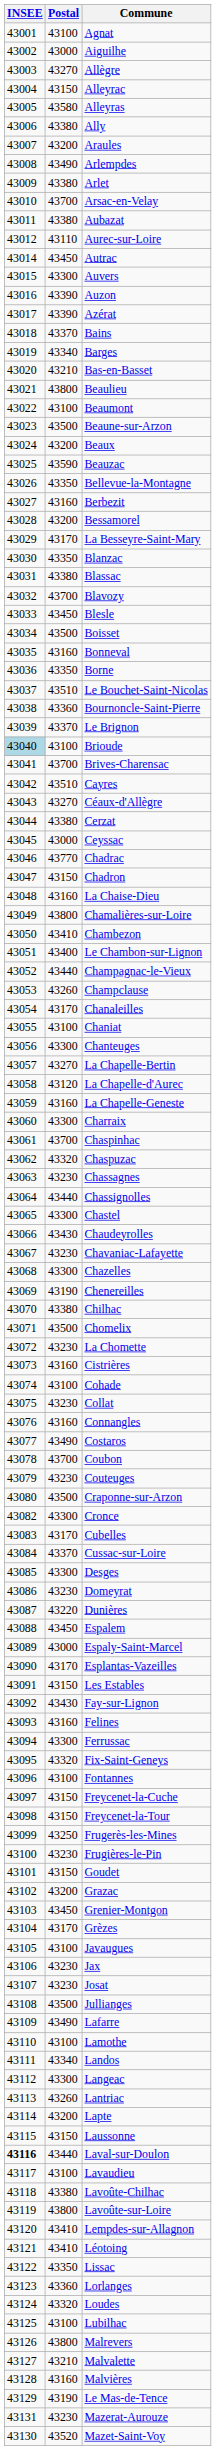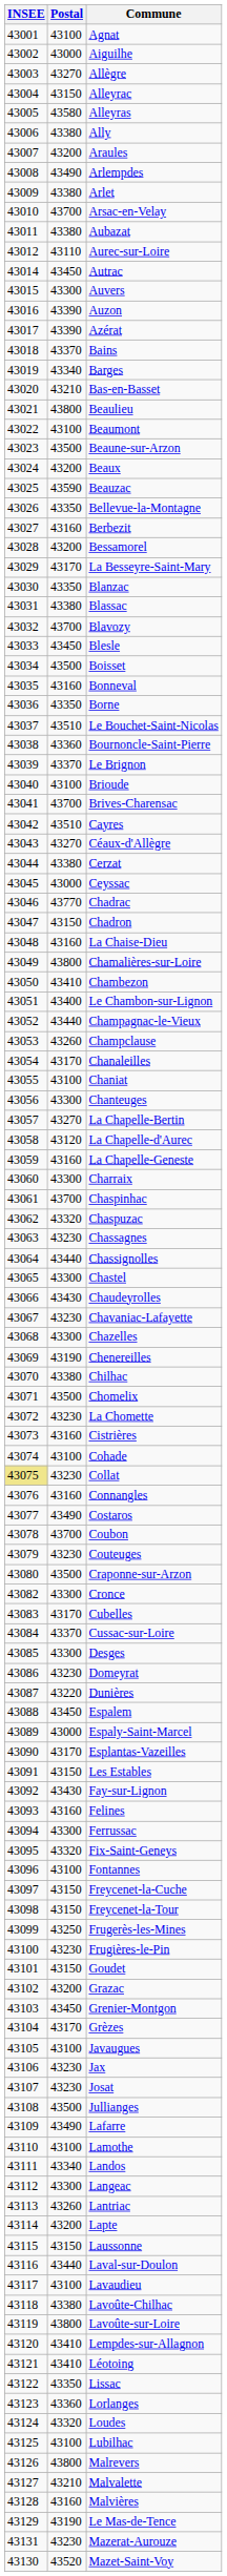 <table class="wikitable sortable">
 <tr>
 <th><a href='#'>INSEE</a></th>
 <th><a href='#'>Postal</a></th>
 <th>Commune</th>
 </tr>
 <tr>
 <td>43001</td>
 <td>43100</td>
 <td><a href='#'>Agnat</a></td>
 </tr>
 <tr>
 <td>43002</td>
 <td>43000</td>
 <td><a href='#'>Aiguilhe</a></td>
 </tr>
 <tr>
 <td>43003</td>
 <td>43270</td>
 <td><a href='#'>Allègre</a></td>
 </tr>
 <tr>
 <td>43004</td>
 <td>43150</td>
 <td><a href='#'>Alleyrac</a></td>
 </tr>
 <tr>
 <td>43005</td>
 <td>43580</td>
 <td><a href='#'>Alleyras</a></td>
 </tr>
 <tr>
 <td>43006</td>
 <td>43380</td>
 <td><a href='#'>Ally</a></td>
 </tr>
 <tr>
 <td>43007</td>
 <td>43200</td>
 <td><a href='#'>Araules</a></td>
 </tr>
 <tr>
 <td>43008</td>
 <td>43490</td>
 <td><a href='#'>Arlempdes</a></td>
 </tr>
 <tr>
 <td>43009</td>
 <td>43380</td>
 <td><a href='#'>Arlet</a></td>
 </tr>
 <tr>
 <td>43010</td>
 <td>43700</td>
 <td><a href='#'>Arsac-en-Velay</a></td>
 </tr>
 <tr>
 <td>43011</td>
 <td>43380</td>
 <td><a href='#'>Aubazat</a></td>
 </tr>
 <tr>
 <td>43012</td>
 <td>43110</td>
 <td><a href='#'>Aurec-sur-Loire</a></td>
 </tr>
 <tr>
 <td>43014</td>
 <td>43450</td>
 <td><a href='#'>Autrac</a></td>
 </tr>
 <tr>
 <td>43015</td>
 <td>43300</td>
 <td><a href='#'>Auvers</a></td>
 </tr>
 <tr>
 <td>43016</td>
 <td>43390</td>
 <td><a href='#'>Auzon</a></td>
 </tr>
 <tr>
 <td>43017</td>
 <td>43390</td>
 <td><a href='#'>Azérat</a></td>
 </tr>
 <tr>
 <td>43018</td>
 <td>43370</td>
 <td><a href='#'>Bains</a></td>
 </tr>
 <tr>
 <td>43019</td>
 <td>43340</td>
 <td><a href='#'>Barges</a></td>
 </tr>
 <tr>
 <td>43020</td>
 <td>43210</td>
 <td><a href='#'>Bas-en-Basset</a></td>
 </tr>
 <tr>
 <td>43021</td>
 <td>43800</td>
 <td><a href='#'>Beaulieu</a></td>
 </tr>
 <tr>
 <td>43022</td>
 <td>43100</td>
 <td><a href='#'>Beaumont</a></td>
 </tr>
 <tr>
 <td>43023</td>
 <td>43500</td>
 <td><a href='#'>Beaune-sur-Arzon</a></td>
 </tr>
 <tr>
 <td>43024</td>
 <td>43200</td>
 <td><a href='#'>Beaux</a></td>
 </tr>
 <tr>
 <td>43025</td>
 <td>43590</td>
 <td><a href='#'>Beauzac</a></td>
 </tr>
 <tr>
 <td>43026</td>
 <td>43350</td>
 <td><a href='#'>Bellevue-la-Montagne</a></td>
 </tr>
 <tr>
 <td>43027</td>
 <td>43160</td>
 <td><a href='#'>Berbezit</a></td>
 </tr>
 <tr>
 <td>43028</td>
 <td>43200</td>
 <td><a href='#'>Bessamorel</a></td>
 </tr>
 <tr>
 <td>43029</td>
 <td>43170</td>
 <td><a href='#'>La Besseyre-Saint-Mary</a></td>
 </tr>
 <tr>
 <td>43030</td>
 <td>43350</td>
 <td><a href='#'>Blanzac</a></td>
 </tr>
 <tr>
 <td>43031</td>
 <td>43380</td>
 <td><a href='#'>Blassac</a></td>
 </tr>
 <tr>
 <td>43032</td>
 <td>43700</td>
 <td><a href='#'>Blavozy</a></td>
 </tr>
 <tr>
 <td>43033</td>
 <td>43450</td>
 <td><a href='#'>Blesle</a></td>
 </tr>
 <tr>
 <td>43034</td>
 <td>43500</td>
 <td><a href='#'>Boisset</a></td>
 </tr>
 <tr>
 <td>43035</td>
 <td>43160</td>
 <td><a href='#'>Bonneval</a></td>
 </tr>
 <tr>
 <td>43036</td>
 <td>43350</td>
 <td><a href='#'>Borne</a></td>
 </tr>
 <tr>
 <td>43037</td>
 <td>43510</td>
 <td><a href='#'>Le Bouchet-Saint-Nicolas</a></td>
 </tr>
 <tr>
 <td>43038</td>
 <td>43360</td>
 <td><a href='#'>Bournoncle-Saint-Pierre</a></td>
 </tr>
 <tr>
 <td>43039</td>
 <td>43370</td>
 <td><a href='#'>Le Brignon</a></td>
 </tr>
 <tr>
-<td style="background: lightblue;">43040</td>
+<td>43040</td>
 <td>43100</td>
 <td><a href='#'>Brioude</a></td>
 </tr>
 <tr>
 <td>43041</td>
 <td>43700</td>
 <td><a href='#'>Brives-Charensac</a></td>
 </tr>
 <tr>
 <td>43042</td>
 <td>43510</td>
 <td><a href='#'>Cayres</a></td>
 </tr>
 <tr>
 <td>43043</td>
 <td>43270</td>
 <td><a href='#'>Céaux-d'Allègre</a></td>
 </tr>
 <tr>
 <td>43044</td>
 <td>43380</td>
 <td><a href='#'>Cerzat</a></td>
 </tr>
 <tr>
 <td>43045</td>
 <td>43000</td>
 <td><a href='#'>Ceyssac</a></td>
 </tr>
 <tr>
 <td>43046</td>
 <td>43770</td>
 <td><a href='#'>Chadrac</a></td>
 </tr>
 <tr>
 <td>43047</td>
 <td>43150</td>
 <td><a href='#'>Chadron</a></td>
 </tr>
 <tr>
 <td>43048</td>
 <td>43160</td>
 <td><a href='#'>La Chaise-Dieu</a></td>
 </tr>
 <tr>
 <td>43049</td>
 <td>43800</td>
 <td><a href='#'>Chamalières-sur-Loire</a></td>
 </tr>
 <tr>
 <td>43050</td>
 <td>43410</td>
 <td><a href='#'>Chambezon</a></td>
 </tr>
 <tr>
 <td>43051</td>
 <td>43400</td>
 <td><a href='#'>Le Chambon-sur-Lignon</a></td>
 </tr>
 <tr>
 <td>43052</td>
 <td>43440</td>
 <td><a href='#'>Champagnac-le-Vieux</a></td>
 </tr>
 <tr>
 <td>43053</td>
 <td>43260</td>
 <td><a href='#'>Champclause</a></td>
 </tr>
 <tr>
 <td>43054</td>
 <td>43170</td>
 <td><a href='#'>Chanaleilles</a></td>
 </tr>
 <tr>
 <td>43055</td>
 <td>43100</td>
 <td><a href='#'>Chaniat</a></td>
 </tr>
 <tr>
 <td>43056</td>
 <td>43300</td>
 <td><a href='#'>Chanteuges</a></td>
 </tr>
 <tr>
 <td>43057</td>
 <td>43270</td>
 <td><a href='#'>La Chapelle-Bertin</a></td>
 </tr>
 <tr>
 <td>43058</td>
 <td>43120</td>
 <td><a href='#'>La Chapelle-d'Aurec</a></td>
 </tr>
 <tr>
 <td>43059</td>
 <td>43160</td>
 <td><a href='#'>La Chapelle-Geneste</a></td>
 </tr>
 <tr>
 <td>43060</td>
 <td>43300</td>
 <td><a href='#'>Charraix</a></td>
 </tr>
 <tr>
 <td>43061</td>
 <td>43700</td>
 <td><a href='#'>Chaspinhac</a></td>
 </tr>
 <tr>
 <td>43062</td>
 <td>43320</td>
 <td><a href='#'>Chaspuzac</a></td>
 </tr>
 <tr>
 <td>43063</td>
 <td>43230</td>
 <td><a href='#'>Chassagnes</a></td>
 </tr>
 <tr>
 <td>43064</td>
 <td>43440</td>
 <td><a href='#'>Chassignolles</a></td>
 </tr>
 <tr>
 <td>43065</td>
 <td>43300</td>
 <td><a href='#'>Chastel</a></td>
 </tr>
 <tr>
 <td>43066</td>
 <td>43430</td>
 <td><a href='#'>Chaudeyrolles</a></td>
 </tr>
 <tr>
 <td>43067</td>
 <td>43230</td>
 <td><a href='#'>Chavaniac-Lafayette</a></td>
 </tr>
 <tr>
 <td>43068</td>
 <td>43300</td>
 <td><a href='#'>Chazelles</a></td>
 </tr>
 <tr>
 <td>43069</td>
 <td>43190</td>
 <td><a href='#'>Chenereilles</a></td>
 </tr>
 <tr>
 <td>43070</td>
 <td>43380</td>
 <td><a href='#'>Chilhac</a></td>
 </tr>
 <tr>
 <td>43071</td>
 <td>43500</td>
 <td><a href='#'>Chomelix</a></td>
 </tr>
 <tr>
 <td>43072</td>
 <td>43230</td>
 <td><a href='#'>La Chomette</a></td>
 </tr>
 <tr>
 <td>43073</td>
 <td>43160</td>
 <td><a href='#'>Cistrières</a></td>
 </tr>
 <tr>
 <td>43074</td>
 <td>43100</td>
 <td><a href='#'>Cohade</a></td>
 </tr>
 <tr>
-<td>43075</td>
+<td style="background: khaki;">43075</td>
 <td>43230</td>
 <td><a href='#'>Collat</a></td>
 </tr>
 <tr>
 <td>43076</td>
 <td>43160</td>
 <td><a href='#'>Connangles</a></td>
 </tr>
 <tr>
 <td>43077</td>
 <td>43490</td>
 <td><a href='#'>Costaros</a></td>
 </tr>
 <tr>
 <td>43078</td>
 <td>43700</td>
 <td><a href='#'>Coubon</a></td>
 </tr>
 <tr>
 <td>43079</td>
 <td>43230</td>
 <td><a href='#'>Couteuges</a></td>
 </tr>
 <tr>
 <td>43080</td>
 <td>43500</td>
 <td><a href='#'>Craponne-sur-Arzon</a></td>
 </tr>
 <tr>
 <td>43082</td>
 <td>43300</td>
 <td><a href='#'>Cronce</a></td>
 </tr>
 <tr>
 <td>43083</td>
 <td>43170</td>
 <td><a href='#'>Cubelles</a></td>
 </tr>
 <tr>
 <td>43084</td>
 <td>43370</td>
 <td><a href='#'>Cussac-sur-Loire</a></td>
 </tr>
 <tr>
 <td>43085</td>
 <td>43300</td>
 <td><a href='#'>Desges</a></td>
 </tr>
 <tr>
 <td>43086</td>
 <td>43230</td>
 <td><a href='#'>Domeyrat</a></td>
 </tr>
 <tr>
 <td>43087</td>
 <td>43220</td>
 <td><a href='#'>Dunières</a></td>
 </tr>
 <tr>
 <td>43088</td>
 <td>43450</td>
 <td><a href='#'>Espalem</a></td>
 </tr>
 <tr>
 <td>43089</td>
 <td>43000</td>
 <td><a href='#'>Espaly-Saint-Marcel</a></td>
 </tr>
 <tr>
 <td>43090</td>
 <td>43170</td>
 <td><a href='#'>Esplantas-Vazeilles</a></td>
 </tr>
 <tr>
 <td>43091</td>
 <td>43150</td>
 <td><a href='#'>Les Estables</a></td>
 </tr>
 <tr>
 <td>43092</td>
 <td>43430</td>
 <td><a href='#'>Fay-sur-Lignon</a></td>
 </tr>
 <tr>
 <td>43093</td>
 <td>43160</td>
 <td><a href='#'>Felines</a></td>
 </tr>
 <tr>
 <td>43094</td>
 <td>43300</td>
 <td><a href='#'>Ferrussac</a></td>
 </tr>
 <tr>
 <td>43095</td>
 <td>43320</td>
 <td><a href='#'>Fix-Saint-Geneys</a></td>
 </tr>
 <tr>
 <td>43096</td>
 <td>43100</td>
 <td><a href='#'>Fontannes</a></td>
 </tr>
 <tr>
 <td>43097</td>
 <td>43150</td>
 <td><a href='#'>Freycenet-la-Cuche</a></td>
 </tr>
 <tr>
 <td>43098</td>
 <td>43150</td>
 <td><a href='#'>Freycenet-la-Tour</a></td>
 </tr>
 <tr>
 <td>43099</td>
 <td>43250</td>
 <td><a href='#'>Frugerès-les-Mines</a></td>
 </tr>
 <tr>
 <td>43100</td>
 <td>43230</td>
 <td><a href='#'>Frugières-le-Pin</a></td>
 </tr>
 <tr>
 <td>43101</td>
 <td>43150</td>
 <td><a href='#'>Goudet</a></td>
 </tr>
 <tr>
 <td>43102</td>
 <td>43200</td>
 <td><a href='#'>Grazac</a></td>
 </tr>
 <tr>
 <td>43103</td>
 <td>43450</td>
 <td><a href='#'>Grenier-Montgon</a></td>
 </tr>
 <tr>
 <td>43104</td>
 <td>43170</td>
 <td><a href='#'>Grèzes</a></td>
 </tr>
 <tr>
 <td>43105</td>
 <td>43100</td>
 <td><a href='#'>Javaugues</a></td>
 </tr>
 <tr>
 <td>43106</td>
 <td>43230</td>
 <td><a href='#'>Jax</a></td>
 </tr>
 <tr>
 <td>43107</td>
 <td>43230</td>
 <td><a href='#'>Josat</a></td>
 </tr>
 <tr>
 <td>43108</td>
 <td>43500</td>
 <td><a href='#'>Jullianges</a></td>
 </tr>
 <tr>
 <td>43109</td>
 <td>43490</td>
 <td><a href='#'>Lafarre</a></td>
 </tr>
 <tr>
 <td>43110</td>
 <td>43100</td>
 <td><a href='#'>Lamothe</a></td>
 </tr>
 <tr>
 <td>43111</td>
 <td>43340</td>
 <td><a href='#'>Landos</a></td>
 </tr>
 <tr>
 <td>43112</td>
 <td>43300</td>
 <td><a href='#'>Langeac</a></td>
 </tr>
 <tr>
 <td>43113</td>
 <td>43260</td>
 <td><a href='#'>Lantriac</a></td>
 </tr>
 <tr>
 <td>43114</td>
 <td>43200</td>
 <td><a href='#'>Lapte</a></td>
 </tr>
 <tr>
 <td>43115</td>
 <td>43150</td>
 <td><a href='#'>Laussonne</a></td>
 </tr>
 <tr>
-<td><strong>43116</strong></td>
+<td>43116</td>
 <td>43440</td>
 <td><a href='#'>Laval-sur-Doulon</a></td>
 </tr>
 <tr>
 <td>43117</td>
 <td>43100</td>
 <td><a href='#'>Lavaudieu</a></td>
 </tr>
 <tr>
 <td>43118</td>
 <td>43380</td>
 <td><a href='#'>Lavoûte-Chilhac</a></td>
 </tr>
 <tr>
 <td>43119</td>
 <td>43800</td>
 <td><a href='#'>Lavoûte-sur-Loire</a></td>
 </tr>
 <tr>
 <td>43120</td>
 <td>43410</td>
 <td><a href='#'>Lempdes-sur-Allagnon</a></td>
 </tr>
 <tr>
 <td>43121</td>
 <td>43410</td>
 <td><a href='#'>Léotoing</a></td>
 </tr>
 <tr>
 <td>43122</td>
 <td>43350</td>
 <td><a href='#'>Lissac</a></td>
 </tr>
 <tr>
 <td>43123</td>
 <td>43360</td>
 <td><a href='#'>Lorlanges</a></td>
 </tr>
 <tr>
 <td>43124</td>
 <td>43320</td>
 <td><a href='#'>Loudes</a></td>
 </tr>
 <tr>
 <td>43125</td>
 <td>43100</td>
 <td><a href='#'>Lubilhac</a></td>
 </tr>
 <tr>
 <td>43126</td>
 <td>43800</td>
 <td><a href='#'>Malrevers</a></td>
 </tr>
 <tr>
 <td>43127</td>
 <td>43210</td>
 <td><a href='#'>Malvalette</a></td>
 </tr>
 <tr>
 <td>43128</td>
 <td>43160</td>
 <td><a href='#'>Malvières</a></td>
 </tr>
 <tr>
 <td>43129</td>
 <td>43190</td>
 <td><a href='#'>Le Mas-de-Tence</a></td>
 </tr>
 <tr>
 <td>43131</td>
 <td>43230</td>
 <td><a href='#'>Mazerat-Aurouze</a></td>
 </tr>
 <tr>
 <td>43130</td>
 <td>43520</td>
 <td><a href='#'>Mazet-Saint-Voy</a></td>
 </tr>
 </table>
